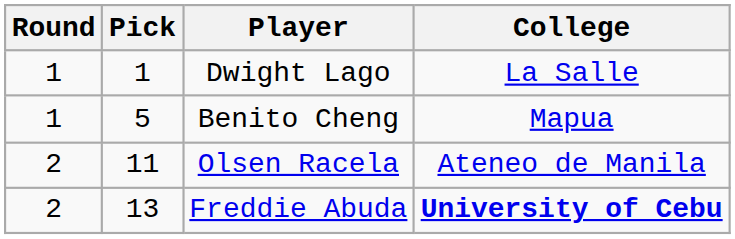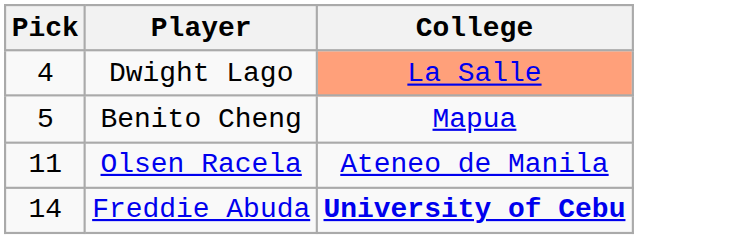 <table class="wikitable sortable sortable">
 <tr>
-<th>Round</th>
 <th>Pick</th>
 <th>Player</th>
 <th>College</th>
 </tr>
 <tr style="text-align: center">
-<td align="center">1</td>
-<td align="center">1</td>
+<td align="center">4</td>
 <td>Dwight Lago</td>
-<td><a href='#'>La Salle</a></td>
+<td style="background: lightsalmon;"><a href='#'>La Salle</a></td>
 </tr>
 <tr style="text-align: center">
-<td align="center">1</td>
 <td align="center">5</td>
 <td>Benito Cheng</td>
 <td><a href='#'>Mapua</a></td>
 </tr>
 <tr style="text-align: center">
-<td align="center">2</td>
 <td align="center">11</td>
 <td><a href='#'>Olsen Racela</a></td>
 <td><a href='#'>Ateneo de Manila</a></td>
 </tr>
 <tr style="text-align: center">
-<td align="center">2</td>
-<td align="center">13</td>
+<td align="center">14</td>
 <td><a href='#'>Freddie Abuda</a></td>
 <td><strong><a href='#'>University of Cebu</a></strong></td>
 </tr>
 </table>
